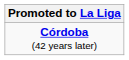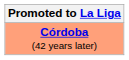 <table class="wikitable" style="text-align: center; margin: 0 auto;">
 <tr>
 <th colspan="9">Promoted to  <a href='#'>La Liga</a></th>
 </tr>
 <tr>
-<td><strong><a href='#'>Córdoba</a></strong><br><small>(42 years later)</small></td>
+<td style="background: lightsalmon;"><strong><a href='#'>Córdoba</a></strong><br><small>(42 years later)</small></td>
 </tr>
 </table>
